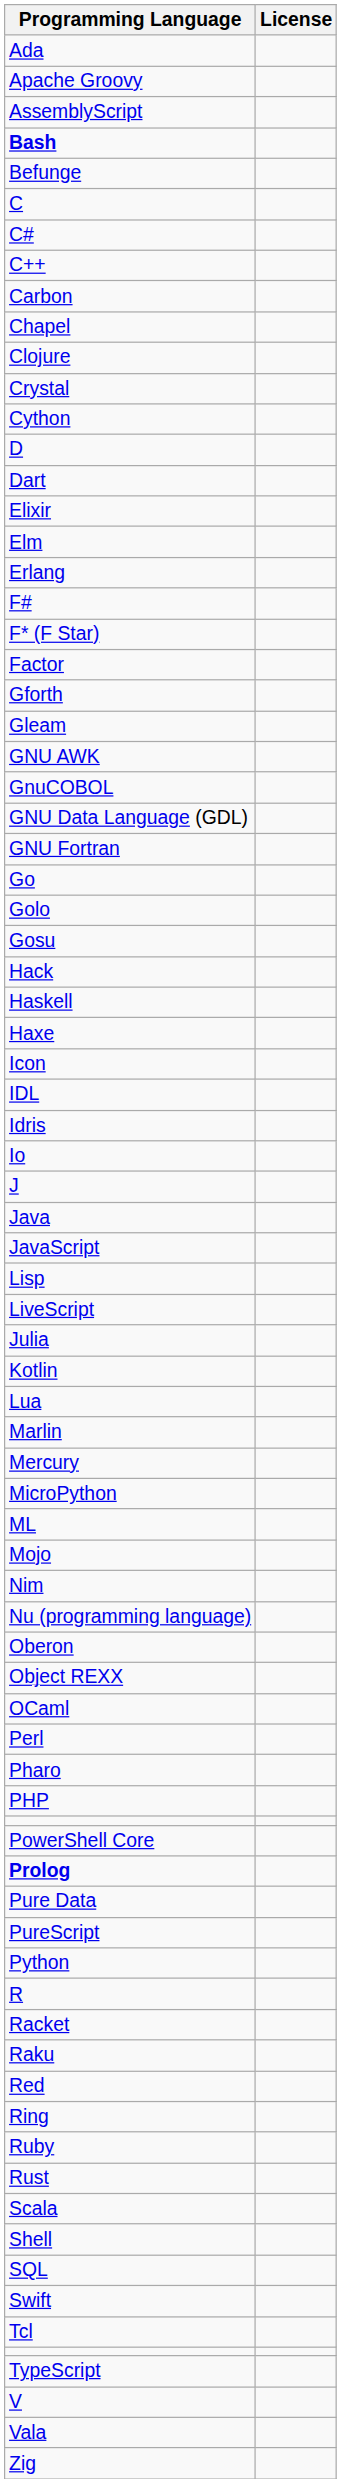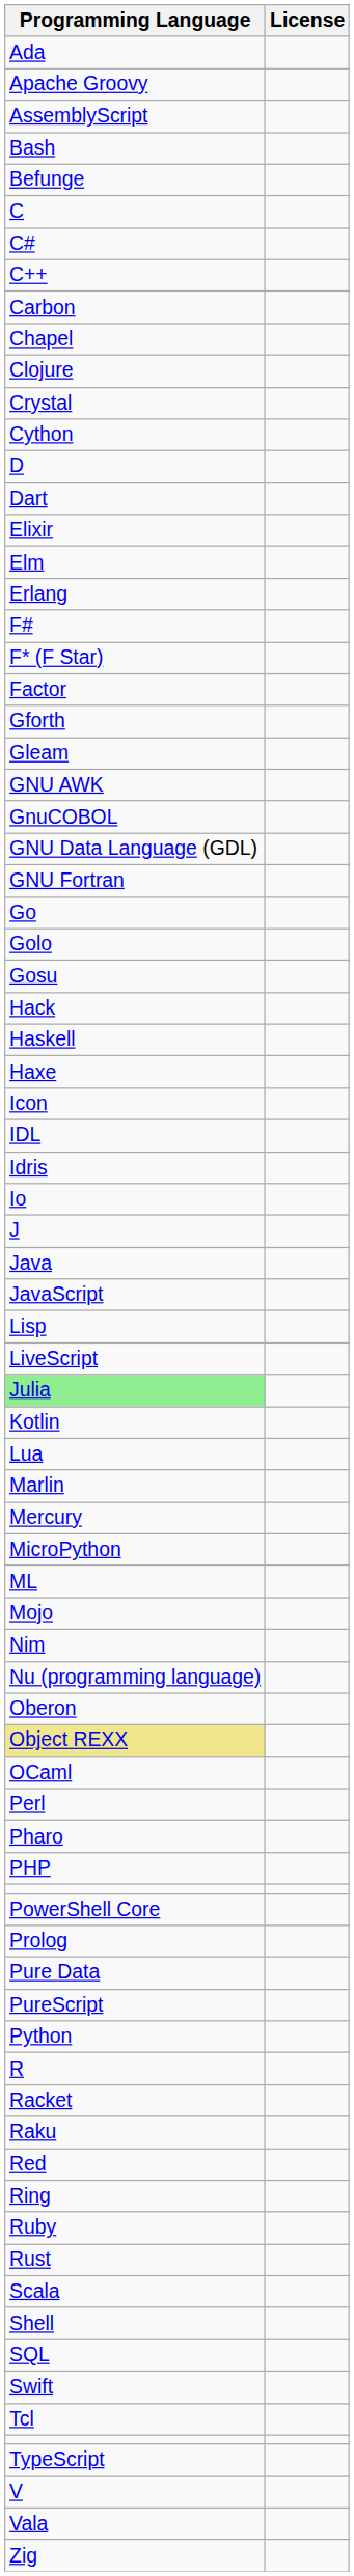 <table class="wikitable sortable">
 <tr>
 <th>Programming Language</th>
 <th>License</th>
 </tr>
 <tr>
 <td><a href='#'>Ada</a></td>
 <td></td>
 </tr>
 <tr>
 <td><a href='#'>Apache Groovy</a></td>
 <td></td>
 </tr>
 <tr>
 <td><a href='#'>AssemblyScript</a></td>
 <td></td>
 </tr>
 <tr>
-<td><strong><a href='#'>Bash</a></strong></td>
+<td><a href='#'>Bash</a></td>
 <td></td>
 </tr>
 <tr>
 <td><a href='#'>Befunge</a></td>
 <td></td>
 </tr>
 <tr>
 <td><a href='#'>C</a></td>
 <td></td>
 </tr>
 <tr>
 <td><a href='#'>C#</a></td>
 <td></td>
 </tr>
 <tr>
 <td><a href='#'>C++</a></td>
 <td></td>
 </tr>
 <tr>
 <td><a href='#'>Carbon</a></td>
 <td></td>
 </tr>
 <tr>
 <td><a href='#'>Chapel</a></td>
 <td></td>
 </tr>
 <tr>
 <td><a href='#'>Clojure</a></td>
 <td></td>
 </tr>
 <tr>
 <td><a href='#'>Crystal</a></td>
 <td></td>
 </tr>
 <tr>
 <td><a href='#'>Cython</a></td>
 <td></td>
 </tr>
 <tr>
 <td><a href='#'>D</a></td>
 <td></td>
 </tr>
 <tr>
 <td><a href='#'>Dart</a></td>
 <td></td>
 </tr>
 <tr>
 <td><a href='#'>Elixir</a></td>
 <td></td>
 </tr>
 <tr>
 <td><a href='#'>Elm</a></td>
 <td></td>
 </tr>
 <tr>
 <td><a href='#'>Erlang</a></td>
 <td></td>
 </tr>
 <tr>
 <td><a href='#'>F#</a></td>
 <td></td>
 </tr>
 <tr>
 <td><a href='#'>F* (F Star)</a></td>
 <td></td>
 </tr>
 <tr>
 <td><a href='#'>Factor</a></td>
 <td></td>
 </tr>
 <tr>
 <td><a href='#'>Gforth</a></td>
 <td></td>
 </tr>
 <tr>
 <td><a href='#'>Gleam</a></td>
 <td></td>
 </tr>
 <tr>
 <td><a href='#'>GNU AWK</a></td>
 <td></td>
 </tr>
 <tr>
 <td><a href='#'>GnuCOBOL</a></td>
 <td></td>
 </tr>
 <tr>
 <td><a href='#'>GNU Data Language</a> (GDL)</td>
 <td></td>
 </tr>
 <tr>
 <td><a href='#'>GNU Fortran</a></td>
 <td></td>
 </tr>
 <tr>
 <td><a href='#'>Go</a></td>
 <td></td>
 </tr>
 <tr>
 <td><a href='#'>Golo</a></td>
 <td></td>
 </tr>
 <tr>
 <td><a href='#'>Gosu</a></td>
 <td></td>
 </tr>
 <tr>
 <td><a href='#'>Hack</a></td>
 <td></td>
 </tr>
 <tr>
 <td><a href='#'>Haskell</a></td>
 <td></td>
 </tr>
 <tr>
 <td><a href='#'>Haxe</a></td>
 <td></td>
 </tr>
 <tr>
 <td><a href='#'>Icon</a></td>
 <td></td>
 </tr>
 <tr>
 <td><a href='#'>IDL</a></td>
 <td></td>
 </tr>
 <tr>
 <td><a href='#'>Idris</a></td>
 <td></td>
 </tr>
 <tr>
 <td><a href='#'>Io</a></td>
 <td></td>
 </tr>
 <tr>
 <td><a href='#'>J</a></td>
 <td></td>
 </tr>
 <tr>
 <td><a href='#'>Java</a></td>
 <td></td>
 </tr>
 <tr>
 <td><a href='#'>JavaScript</a></td>
 <td></td>
 </tr>
 <tr>
 <td><a href='#'>Lisp</a></td>
 <td></td>
 </tr>
 <tr>
 <td><a href='#'>LiveScript</a></td>
 <td></td>
 </tr>
 <tr>
-<td><a href='#'>Julia</a></td>
+<td style="background: lightgreen;"><a href='#'>Julia</a></td>
 <td></td>
 </tr>
 <tr>
 <td><a href='#'>Kotlin</a></td>
 <td></td>
 </tr>
 <tr>
 <td><a href='#'>Lua</a></td>
 <td></td>
 </tr>
 <tr>
 <td><a href='#'>Marlin</a></td>
 <td></td>
 </tr>
 <tr>
 <td><a href='#'>Mercury</a></td>
 <td></td>
 </tr>
 <tr>
 <td><a href='#'>MicroPython</a></td>
 <td></td>
 </tr>
 <tr>
 <td><a href='#'>ML</a></td>
 <td></td>
 </tr>
 <tr>
 <td><a href='#'>Mojo</a></td>
 <td></td>
 </tr>
 <tr>
 <td><a href='#'>Nim</a></td>
 <td></td>
 </tr>
 <tr>
 <td><a href='#'>Nu (programming language)</a></td>
 <td></td>
 </tr>
 <tr>
 <td><a href='#'>Oberon</a></td>
 <td></td>
 </tr>
 <tr>
-<td><a href='#'>Object REXX</a></td>
+<td style="background: khaki;"><a href='#'>Object REXX</a></td>
 <td></td>
 </tr>
 <tr>
 <td><a href='#'>OCaml</a></td>
 <td></td>
 </tr>
 <tr>
 <td><a href='#'>Perl</a></td>
 <td></td>
 </tr>
 <tr>
 <td><a href='#'>Pharo</a></td>
 <td></td>
 </tr>
 <tr>
 <td><a href='#'>PHP</a></td>
 <td></td>
 </tr>
 <tr>
 <td></td>
 <td></td>
 </tr>
 <tr>
 <td><a href='#'>PowerShell Core</a></td>
 <td></td>
 </tr>
 <tr>
-<td><strong><a href='#'>Prolog</a></strong></td>
+<td><a href='#'>Prolog</a></td>
 <td></td>
 </tr>
 <tr>
 <td><a href='#'>Pure Data</a></td>
 <td></td>
 </tr>
 <tr>
 <td><a href='#'>PureScript</a></td>
 <td></td>
 </tr>
 <tr>
 <td><a href='#'>Python</a></td>
 <td></td>
 </tr>
 <tr>
 <td><a href='#'>R</a></td>
 <td></td>
 </tr>
 <tr>
 <td><a href='#'>Racket</a></td>
 <td></td>
 </tr>
 <tr>
 <td><a href='#'>Raku</a></td>
 <td></td>
 </tr>
 <tr>
 <td><a href='#'>Red</a></td>
 <td></td>
 </tr>
 <tr>
 <td><a href='#'>Ring</a></td>
 <td></td>
 </tr>
 <tr>
 <td><a href='#'>Ruby</a></td>
 <td></td>
 </tr>
 <tr>
 <td><a href='#'>Rust</a></td>
 <td></td>
 </tr>
 <tr>
 <td><a href='#'>Scala</a></td>
 <td></td>
 </tr>
 <tr>
 <td><a href='#'>Shell</a></td>
 <td></td>
 </tr>
 <tr>
 <td><a href='#'>SQL</a></td>
 <td></td>
 </tr>
 <tr>
 <td><a href='#'>Swift</a></td>
 <td></td>
 </tr>
 <tr>
 <td><a href='#'>Tcl</a></td>
 <td></td>
 </tr>
 <tr>
 <td></td>
 <td></td>
 </tr>
 <tr>
 <td><a href='#'>TypeScript</a></td>
 <td></td>
 </tr>
 <tr>
 <td><a href='#'>V</a></td>
 <td></td>
 </tr>
 <tr>
 <td><a href='#'>Vala</a></td>
 <td></td>
 </tr>
 <tr>
 <td><a href='#'>Zig</a></td>
 <td></td>
 </tr>
 </table>
